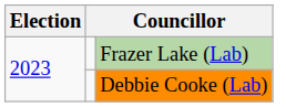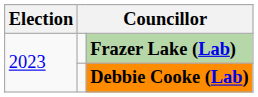 <table class="wikitable">
 <tr>
 <th>Election</th>
 <th colspan="2">Councillor</th>
 </tr>
 <tr>
 <td rowspan="2"><a href='#'>2023</a></td>
 <td style="background-color: "></td>
-<td bgcolor="#B6D7A8">Frazer Lake (<a href='#'>Lab</a>)</td>
+<td bgcolor="#B6D7A8"><strong>Frazer Lake (<a href='#'>Lab</a>)</strong></td>
 </tr>
 <tr>
 <td style="background-color: "></td>
-<td bgcolor="#FF8C00">Debbie Cooke (<a href='#'>Lab</a>)</td>
+<td bgcolor="#FF8C00"><strong>Debbie Cooke (<a href='#'>Lab</a>)</strong></td>
 </tr>
 </table>
